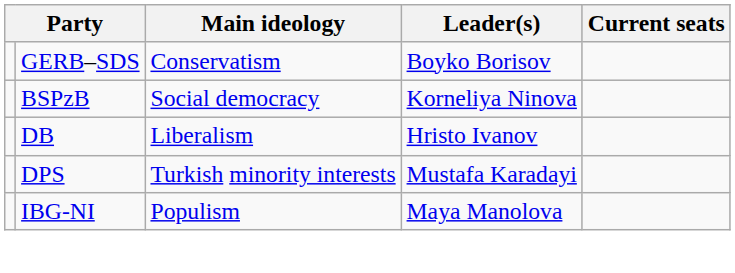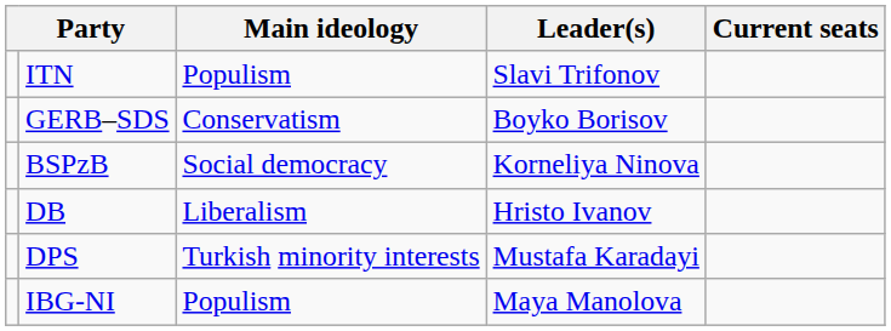 <table class=wikitable style=text-align:left>
 <tr>
 <th colspan=2>Party</th>
 <th>Main ideology</th>
 <th>Leader(s)</th>
 <th>Current seats</th>
+</tr>
+<tr>
+<td style="color:inherit;background:"></td>
+<td><a href='#'>ITN</a></td>
+<td><a href='#'>Populism</a></td>
+<td><a href='#'>Slavi Trifonov</a></td>
+<td></td>
 </tr>
 <tr>
 <td style="color:inherit;background:"></td>
 <td><a href='#'>GERB</a>–<a href='#'>SDS</a></td>
 <td><a href='#'>Conservatism</a></td>
 <td><a href='#'>Boyko Borisov</a></td>
 <td></td>
 </tr>
 <tr>
 <td style="color:inherit;background:"></td>
 <td><a href='#'>BSPzB</a></td>
 <td><a href='#'>Social democracy</a></td>
 <td><a href='#'>Korneliya Ninova</a></td>
 <td></td>
 </tr>
 <tr>
 <td style="color:inherit;background:"></td>
 <td><a href='#'>DB</a></td>
 <td><a href='#'>Liberalism</a></td>
 <td><a href='#'>Hristo Ivanov</a></td>
 <td></td>
 </tr>
 <tr>
 <td style="color:inherit;background:"></td>
 <td><a href='#'>DPS</a></td>
 <td><a href='#'>Turkish</a> <a href='#'>minority interests</a></td>
 <td><a href='#'>Mustafa Karadayi</a></td>
 <td></td>
 </tr>
 <tr>
 <td style="color:inherit;background:"></td>
 <td><a href='#'>IBG-NI</a></td>
 <td><a href='#'>Populism</a></td>
 <td><a href='#'>Maya Manolova</a></td>
 <td></td>
 </tr>
 </table>
